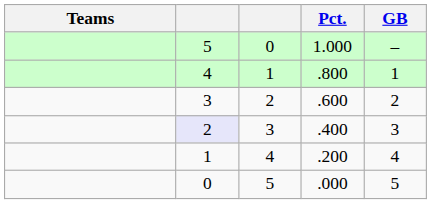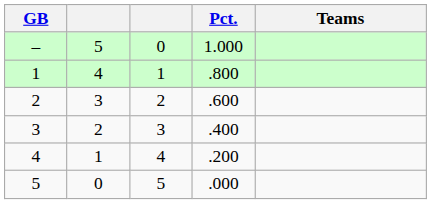 <table class="wikitable" style="text-align:center;">
 <tr>
-<th width=150px>Teams</th>
+<th width=50px><a href='#'>GB</a></th>
 <th width=50px></th>
 <th width=50px></th>
 <th width=50px><a href='#'>Pct.</a></th>
-<th width=50px><a href='#'>GB</a></th>
+<th width=150px>Teams</th>
 </tr>
 <tr style="background-color:#cfc">
-<td align=left></td>
+<td>–</td>
 <td>5</td>
 <td>0</td>
 <td>1.000</td>
-<td>–</td>
+<td align=left></td>
 </tr>
 <tr style="background-color:#cfc">
-<td align=left></td>
+<td>1</td>
 <td>4</td>
 <td>1</td>
 <td>.800</td>
-<td>1</td>
+<td align=left></td>
 </tr>
 <tr>
-<td align=left></td>
+<td>2</td>
 <td>3</td>
 <td>2</td>
 <td>.600</td>
-<td>2</td>
+<td align=left></td>
 </tr>
 <tr>
-<td align=left></td>
-<td style="background: lavender;">2</td>
+<td>3</td>
+<td>2</td>
 <td>3</td>
 <td>.400</td>
-<td>3</td>
+<td align=left></td>
 </tr>
 <tr>
-<td align=left></td>
+<td>4</td>
 <td>1</td>
 <td>4</td>
 <td>.200</td>
-<td>4</td>
+<td align=left></td>
 </tr>
 <tr>
-<td align=left></td>
+<td>5</td>
 <td>0</td>
 <td>5</td>
 <td>.000</td>
-<td>5</td>
+<td align=left></td>
 </tr>
 </table>
